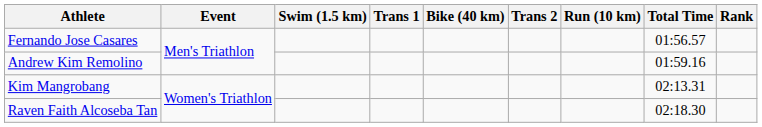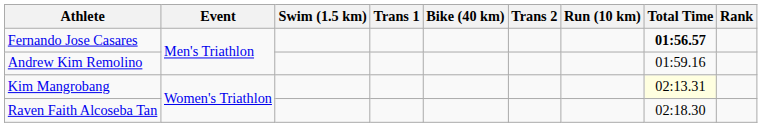 <table class="wikitable" style="font-size:90%">
 <tr>
 <th>Athlete</th>
 <th>Event</th>
 <th>Swim (1.5 km)</th>
 <th>Trans 1</th>
 <th>Bike (40 km)</th>
 <th>Trans 2</th>
 <th>Run (10 km)</th>
 <th>Total Time</th>
 <th>Rank</th>
 </tr>
 <tr align=center>
 <td align=left><a href='#'>Fernando Jose Casares</a></td>
 <td rowspan="2" align=left><a href='#'>Men's Triathlon</a></td>
 <td></td>
 <td></td>
 <td></td>
 <td></td>
 <td></td>
-<td>01:56.57</td>
+<td><strong>01:56.57</strong></td>
 <td></td>
 </tr>
 <tr align=center>
 <td align=left><a href='#'>Andrew Kim Remolino</a></td>
 <td></td>
 <td></td>
 <td></td>
 <td></td>
 <td></td>
 <td>01:59.16</td>
 <td></td>
 </tr>
 <tr align=center>
 <td align=left><a href='#'>Kim Mangrobang</a></td>
 <td rowspan="2" align=left><a href='#'>Women's Triathlon</a></td>
 <td></td>
 <td></td>
 <td></td>
 <td></td>
 <td></td>
-<td>02:13.31</td>
+<td style="background: lightyellow;">02:13.31</td>
 <td></td>
 </tr>
 <tr align=center>
 <td align=left><a href='#'>Raven Faith Alcoseba Tan</a></td>
 <td></td>
 <td></td>
 <td></td>
 <td></td>
 <td></td>
 <td>02:18.30</td>
 <td></td>
 </tr>
 </table>
